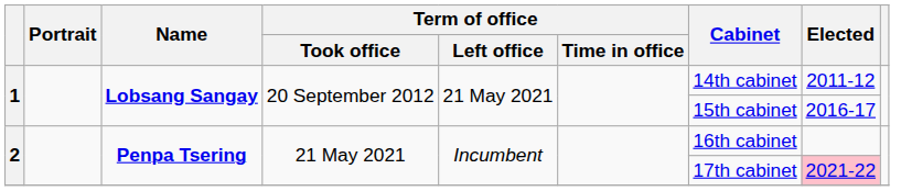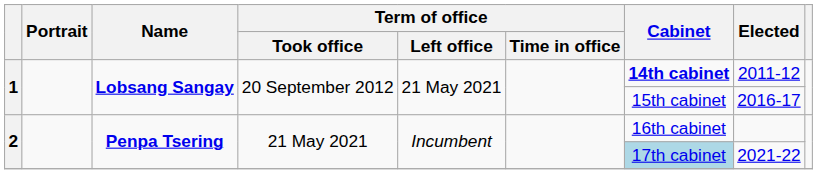 <table class="wikitable" style="text-align:center">
 <tr>
 <th rowspan=2></th>
 <th rowspan=2>Portrait</th>
 <th rowspan=2>Name<br></th>
 <th colspan=3>Term of office</th>
 <th rowspan=2><a href='#'>Cabinet</a></th>
 <th rowspan=2>Elected</th>
 <th rowspan=2></th>
 </tr>
 <tr>
 <th>Took office</th>
 <th>Left office</th>
 <th>Time in office</th>
 </tr>
 <tr>
 <th rowspan="2">1</th>
 <td rowspan="2"></td>
 <td rowspan="2"><strong><a href='#'>Lobsang Sangay</a></strong><br></td>
 <td rowspan="2">20 September 2012</td>
 <td rowspan="2">21 May 2021</td>
 <td rowspan="2"></td>
-<td><a href='#'>14th cabinet</a></td>
+<td><strong><a href='#'>14th cabinet</a></strong></td>
 <td><a href='#'>2011-12</a></td>
 <td rowspan="2"></td>
 </tr>
 <tr>
 <td><a href='#'>15th cabinet</a></td>
 <td><a href='#'>2016-17</a></td>
 </tr>
 <tr>
 <th rowspan="2">2</th>
 <td rowspan="2"></td>
 <td rowspan="2"><strong><a href='#'>Penpa Tsering</a></strong><br></td>
 <td rowspan="2">21 May 2021</td>
 <td rowspan="2"><em>Incumbent</em></td>
 <td rowspan="2"></td>
 <td><a href='#'>16th cabinet</a></td>
 <td></td>
 <td rowspan="2"></td>
 </tr>
 <tr>
-<td><a href='#'>17th cabinet</a></td>
-<td style="background: pink;"><a href='#'>2021-22</a></td>
+<td style="background: lightblue;"><a href='#'>17th cabinet</a></td>
+<td><a href='#'>2021-22</a></td>
 </tr>
 <tr>
 </tr>
 </table>
